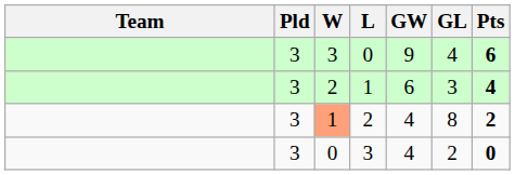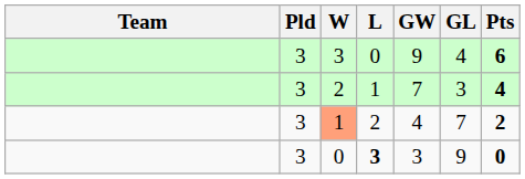 <table class="wikitable" style="text-align:center">
 <tr>
 <th width=200>Team</th>
 <th width=20>Pld</th>
 <th width=20>W</th>
 <th width=20>L</th>
 <th width=20>GW</th>
 <th width=20>GL</th>
 <th width=20>Pts</th>
 </tr>
 <tr bgcolor=#ccffcc>
 <td style="text-align:left;"></td>
 <td>3</td>
 <td>3</td>
 <td>0</td>
 <td>9</td>
 <td>4</td>
 <td><strong>6</strong></td>
 </tr>
 <tr bgcolor=#ccffcc>
 <td style="text-align:left;"></td>
 <td>3</td>
 <td>2</td>
 <td>1</td>
-<td>6</td>
+<td>7</td>
 <td>3</td>
 <td><strong>4</strong></td>
 </tr>
 <tr>
 <td style="text-align:left;"></td>
 <td>3</td>
 <td style="background: lightsalmon;">1</td>
 <td>2</td>
 <td>4</td>
-<td>8</td>
+<td>7</td>
 <td><strong>2</strong></td>
 </tr>
 <tr>
 <td style="text-align:left;"></td>
 <td>3</td>
 <td>0</td>
+<td><strong>3</strong></td>
 <td>3</td>
-<td>4</td>
-<td>2</td>
+<td>9</td>
 <td><strong>0</strong></td>
 </tr>
 </table>
